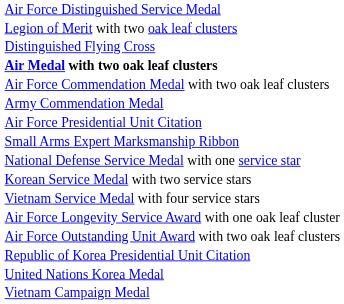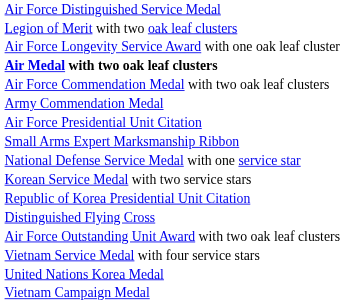 <table>
 <tr>
 <td> <a href='#'>Air Force Distinguished Service Medal</a></td>
 </tr>
 <tr>
 <td> <a href='#'>Legion of Merit</a> with two <a href='#'>oak leaf clusters</a></td>
 </tr>
 <tr>
-<td> <a href='#'>Distinguished Flying Cross</a></td>
+<td> <a href='#'>Air Force Longevity Service Award</a> with one oak leaf cluster</td>
 </tr>
 <tr>
 <td><strong> <a href='#'>Air Medal</a> with two oak leaf clusters</strong></td>
 </tr>
 <tr>
 <td> <a href='#'>Air Force Commendation Medal</a> with two oak leaf clusters</td>
 </tr>
 <tr>
 <td> <a href='#'>Army Commendation Medal</a></td>
 </tr>
 <tr>
 <td> <a href='#'>Air Force Presidential Unit Citation</a></td>
 </tr>
 <tr>
 <td> <a href='#'>Small Arms Expert Marksmanship Ribbon</a></td>
 </tr>
 <tr>
 <td> <a href='#'>National Defense Service Medal</a> with one <a href='#'>service star</a></td>
 </tr>
 <tr>
 <td> <a href='#'>Korean Service Medal</a> with two service stars</td>
 </tr>
 <tr>
-<td> <a href='#'>Vietnam Service Medal</a> with four service stars</td>
+<td> <a href='#'>Republic of Korea Presidential Unit Citation</a></td>
 </tr>
 <tr>
-<td> <a href='#'>Air Force Longevity Service Award</a> with one oak leaf cluster</td>
+<td> <a href='#'>Distinguished Flying Cross</a></td>
 </tr>
 <tr>
 <td> <a href='#'>Air Force Outstanding Unit Award</a> with two oak leaf clusters</td>
 </tr>
 <tr>
-<td> <a href='#'>Republic of Korea Presidential Unit Citation</a></td>
+<td> <a href='#'>Vietnam Service Medal</a> with four service stars</td>
 </tr>
 <tr>
 <td> <a href='#'>United Nations Korea Medal</a></td>
 </tr>
 <tr>
 <td> <a href='#'>Vietnam Campaign Medal</a></td>
 </tr>
 </table>
